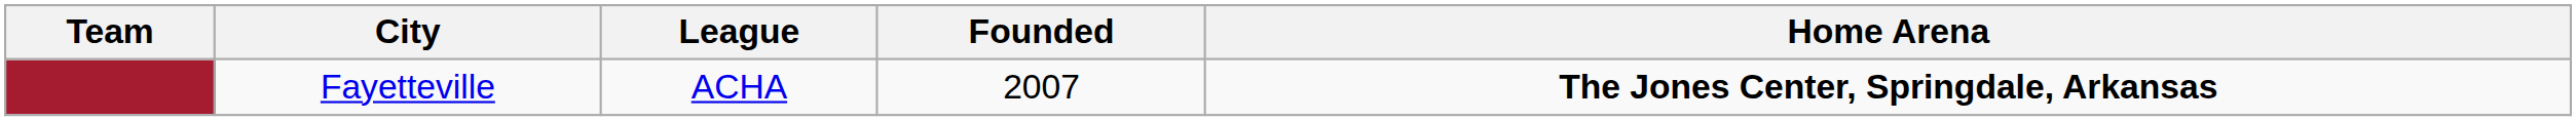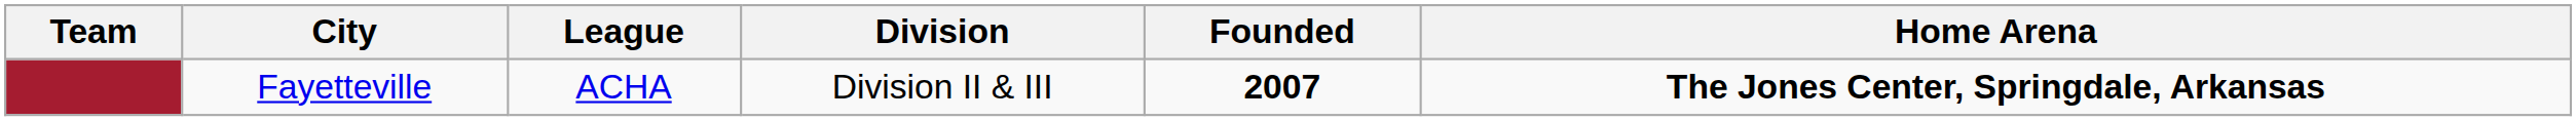 <table class="wikitable sortable" width="60%">
 <tr>
 <th>Team</th>
 <th>City</th>
 <th>League</th>
+<th>Division</th>
 <th>Founded</th>
 <th>Home Arena</th>
 </tr>
 <tr align=center>
 <td style="color:white; background:#a51c30; "><strong><a href='#'></a></strong></td>
 <td><a href='#'>Fayetteville</a></td>
 <td><a href='#'>ACHA</a></td>
-<td>2007</td>
+<td>Division II & III</td>
+<td><strong>2007</strong></td>
 <td><strong>The Jones Center, Springdale, Arkansas</strong></td>
 </tr>
 </table>
